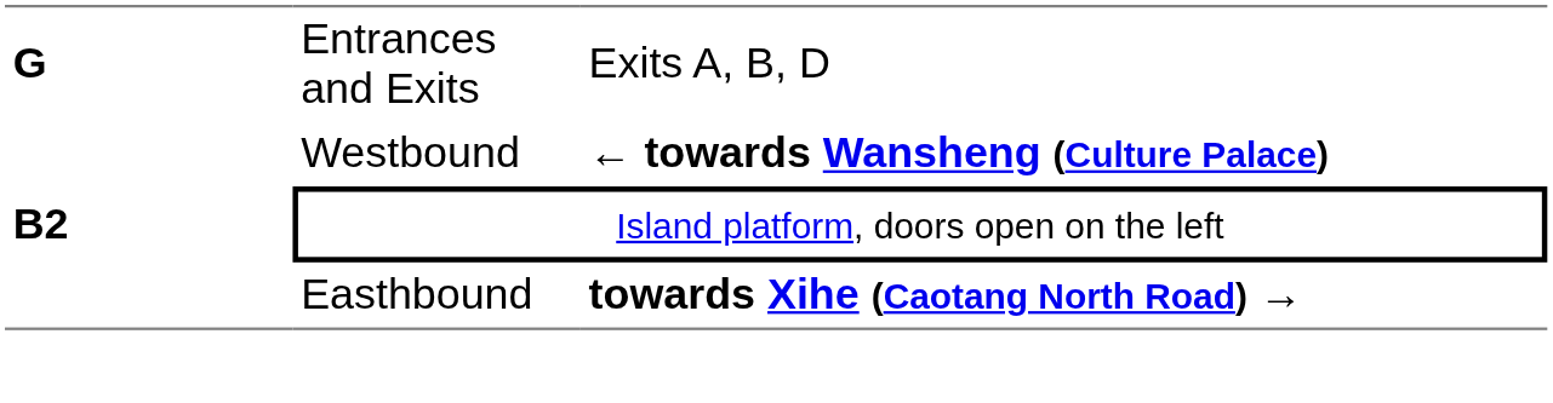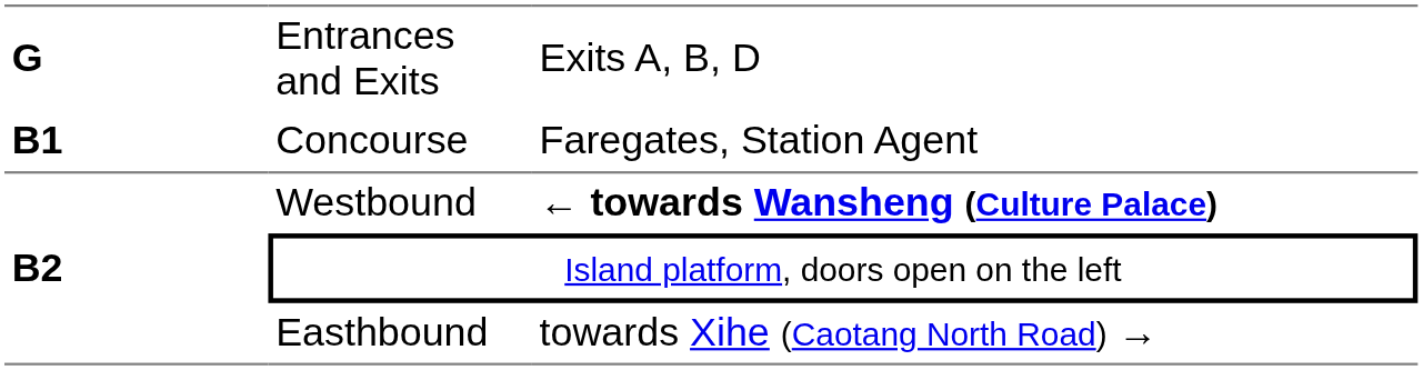 <table cellspacing=0 cellpadding=3>
 <tr>
 <td style="border-top:solid 1px gray;border-bottom:solid 0px gray;" width=100><strong>G</strong></td>
 <td style="border-top:solid 1px gray;border-bottom:solid 0px gray;" width=100>Entrances and Exits</td>
 <td style="border-top:solid 1px gray;border-bottom:solid 0px gray;" width=350>Exits A, B, D</td>
+</tr>
+<tr>
+<td style="border-bottom:solid 1px gray;"><strong>B1</strong></td>
+<td style="border-bottom:solid 1px gray;">Concourse</td>
+<td style="border-bottom:solid 1px gray;">Faregates, Station Agent</td>
 </tr>
 <tr>
 <td style="border-top:solid 0px gray;border-bottom:solid 1px gray;" rowspan=3><strong>B2</strong></td>
 <td>Westbound</td>
 <td><strong>←  towards <a href='#'>Wansheng</a> <small>(<a href='#'>Culture Palace</a>)</small></strong></td>
 </tr>
 <tr>
 <td style="border-right:solid 2px black;border-left:solid 2px black;border-top:solid 2px black;border-bottom:solid 2px black;text-align:center;" colspan=2><small><a href='#'>Island platform</a>, doors open on the left</small></td>
 </tr>
 <tr>
 <td style="border-bottom:solid 1px gray;">Easthbound</td>
-<td style="border-bottom:solid 1px gray;"><strong>  towards <a href='#'>Xihe</a> <small>(<a href='#'>Caotang North Road</a>)</small> →</strong></td>
+<td style="border-bottom:solid 1px gray;">  towards <a href='#'>Xihe</a> <small>(<a href='#'>Caotang North Road</a>)</small> →</td>
 </tr>
 </table>
